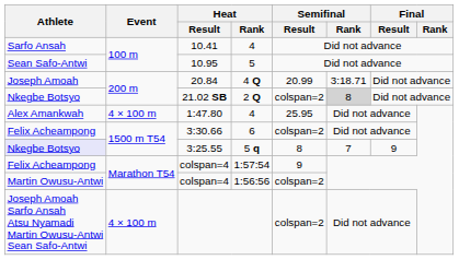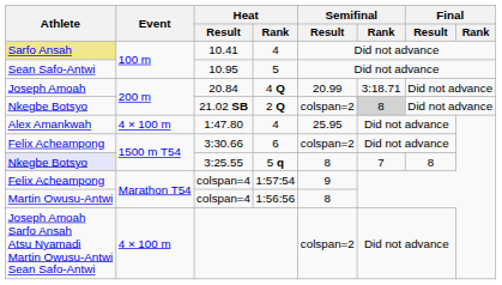 <table class="wikitable" style="font-size:90%">
 <tr>
 <th rowspan=2>Athlete</th>
 <th rowspan=2>Event</th>
 <th colspan=2>Heat</th>
 <th colspan=2>Semifinal</th>
 <th colspan=2>Final</th>
 </tr>
 <tr style="font-size:95%">
 <th>Result</th>
 <th>Rank</th>
 <th>Result</th>
 <th>Rank</th>
 <th>Result</th>
 <th>Rank</th>
 </tr>
 <tr align=center>
-<td align=left><a href='#'>Sarfo Ansah</a></td>
+<td align=left style="background: khaki;"><a href='#'>Sarfo Ansah</a></td>
 <td align=left rowspan=2><a href='#'>100 m</a></td>
 <td>10.41</td>
 <td>4</td>
 <td colspan=4>Did not advance</td>
 </tr>
 <tr align=center>
 <td align=left><a href='#'>Sean Safo-Antwi</a></td>
 <td>10.95</td>
 <td>5</td>
 <td colspan=4>Did not advance</td>
 </tr>
 <tr align=center>
 <td align=left><a href='#'>Joseph Amoah</a></td>
 <td align=left rowspan=2><a href='#'>200 m</a></td>
 <td>20.84</td>
 <td>4 <strong>Q</strong></td>
 <td>20.99</td>
 <td>3:18.71</td>
 <td colspan=2>Did not advance</td>
 </tr>
 <tr align=center>
 <td align=left><a href='#'>Nkegbe Botsyo</a></td>
 <td>21.02 <strong>SB</strong></td>
 <td>2 <strong>Q</strong></td>
 <td>colspan=2</td>
 <td style="background: lightgrey;">8</td>
 <td colspan=2>Did not advance</td>
 </tr>
 <tr align=center>
 <td align=left><a href='#'>Alex Amankwah</a></td>
 <td align=left><a href='#'>4 × 100 m</a></td>
 <td>1:47.80</td>
 <td>4</td>
 <td>25.95</td>
 <td colspan=2>Did not advance</td>
 </tr>
 <tr align=center>
 <td align=left><a href='#'>Felix Acheampong</a></td>
 <td align=left rowspan=2><a href='#'>1500 m T54</a></td>
 <td>3:30.66</td>
 <td>6</td>
 <td>colspan=2</td>
 <td colspan=2>Did not advance</td>
 </tr>
 <tr align=center>
 <td align=left style="background: lavender;"><a href='#'>Nkegbe Botsyo</a></td>
 <td>3:25.55</td>
 <td>5 <strong>q</strong></td>
 <td>8</td>
 <td>7</td>
-<td>9</td>
+<td>8</td>
 </tr>
 <tr align=center>
 <td align=left><a href='#'>Felix Acheampong</a></td>
 <td align=left rowspan=2><a href='#'>Marathon T54</a></td>
 <td>colspan=4</td>
 <td>1:57:54</td>
 <td>9</td>
 </tr>
 <tr align=center>
 <td align=left><a href='#'>Martin Owusu-Antwi</a></td>
 <td>colspan=4</td>
 <td>1:56:56</td>
-<td>colspan=2</td>
+<td>8</td>
 </tr>
 <tr align=center>
 <td align=left><a href='#'>Joseph Amoah</a><br><a href='#'>Sarfo Ansah</a><br><a href='#'>Atsu Nyamadi</a><br><a href='#'>Martin Owusu-Antwi</a><br><a href='#'>Sean Safo-Antwi</a></td>
 <td align=left><a href='#'>4 × 100 m</a></td>
 <td colspan=2></td>
 <td>colspan=2</td>
 <td colspan=2>Did not advance</td>
 </tr>
 </table>
